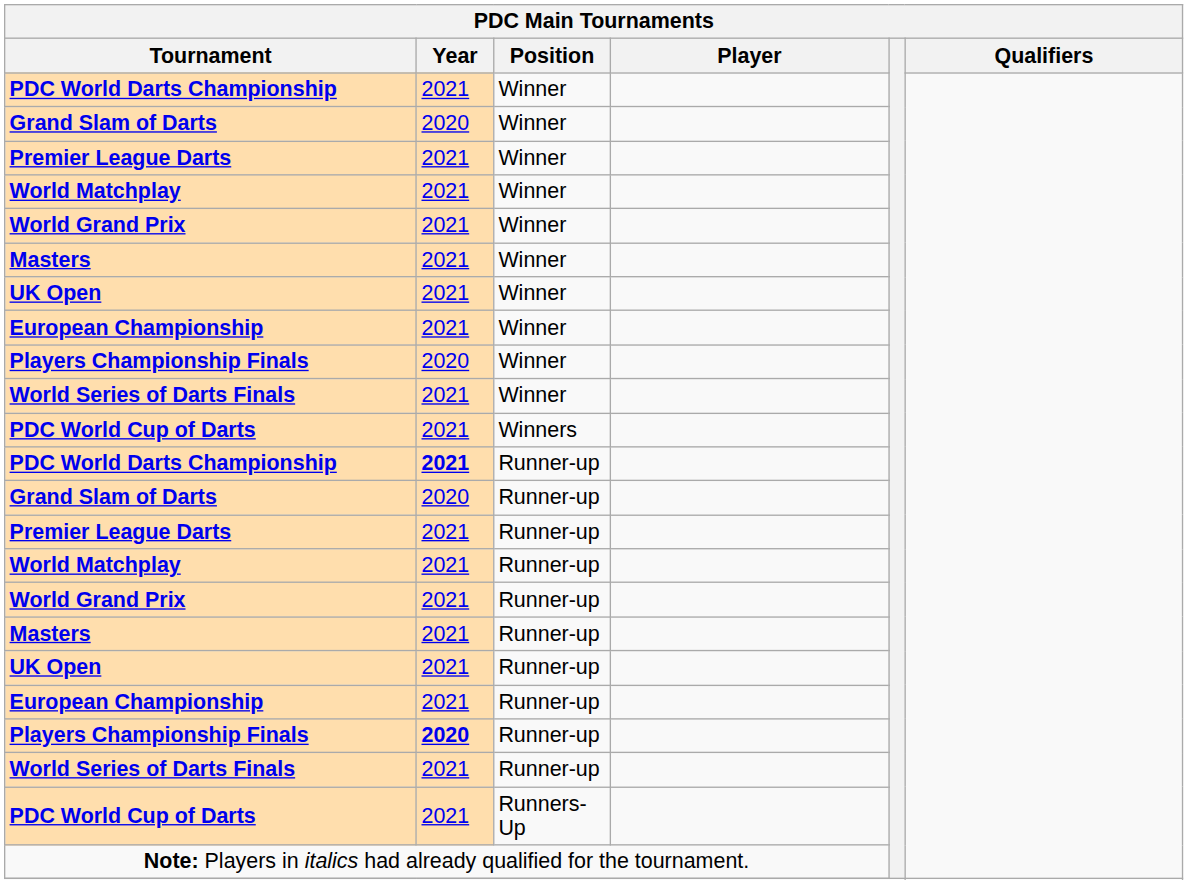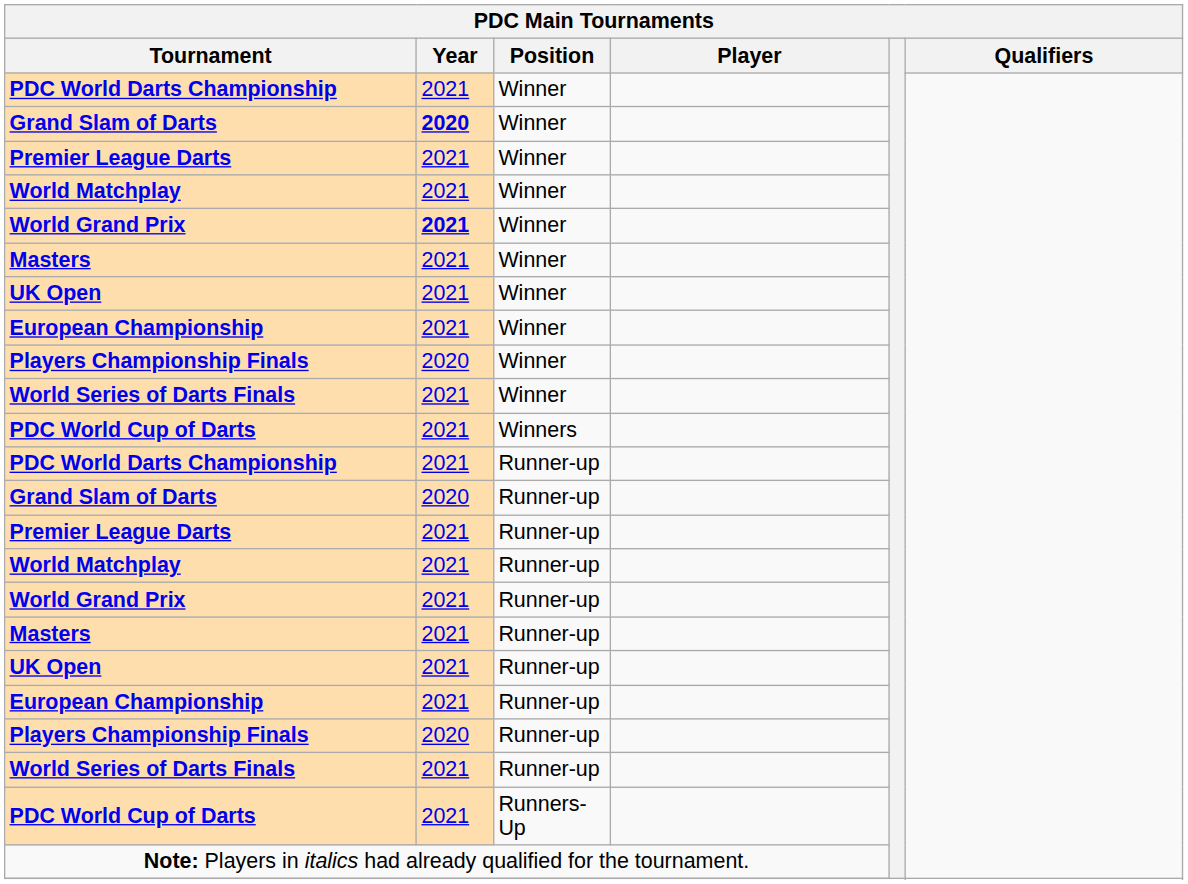 <table class="wikitable">
 <tr>
 <th colspan=6>PDC Main Tournaments</th>
 </tr>
 <tr>
 <th width=300>Tournament</th>
 <th width=50>Year</th>
 <th width=80>Position</th>
 <th width=200>Player</th>
 <th rowspan=31 width=5></th>
 <th width=200>Qualifiers</th>
 </tr>
 <tr>
 <td style="background:#ffdead;"><strong><a href='#'>PDC World Darts Championship</a></strong></td>
 <td style="background:#ffdead;"><a href='#'>2021</a></td>
 <td>Winner</td>
 <td></td>
 <td rowspan=26><br><br><br><br><br><br><br><br><br><s></s><br><br><br><br></td>
 </tr>
 <tr>
 <td style="background:#ffdead;"><strong><a href='#'>Grand Slam of Darts</a></strong></td>
-<td style="background:#ffdead;"><a href='#'>2020</a></td>
+<td style="background:#ffdead;"><strong><a href='#'>2020</a></strong></td>
 <td>Winner</td>
 <td></td>
 </tr>
 <tr>
 <td style="background:#ffdead;"><strong><a href='#'>Premier League Darts</a></strong></td>
 <td style="background:#ffdead;"><a href='#'>2021</a></td>
 <td>Winner</td>
 <td></td>
 </tr>
 <tr>
 <td style="background:#ffdead;"><strong><a href='#'>World Matchplay</a></strong></td>
 <td style="background:#ffdead;"><a href='#'>2021</a></td>
 <td>Winner</td>
 <td></td>
 </tr>
 <tr>
 <td style="background:#ffdead;"><strong><a href='#'>World Grand Prix</a></strong></td>
-<td style="background:#ffdead;"><a href='#'>2021</a></td>
+<td style="background:#ffdead;"><strong><a href='#'>2021</a></strong></td>
 <td>Winner</td>
 <td><em></em></td>
 </tr>
 <tr>
 <td style="background:#ffdead;"><strong><a href='#'>Masters</a></strong></td>
 <td style="background:#ffdead;"><a href='#'>2021</a></td>
 <td>Winner</td>
 <td><em></em></td>
 </tr>
 <tr>
 <td style="background:#ffdead;"><strong><a href='#'>UK Open</a></strong></td>
 <td style="background:#ffdead;"><a href='#'>2021</a></td>
 <td>Winner</td>
 <td></td>
 </tr>
 <tr>
 <td style="background:#ffdead;"><strong><a href='#'>European Championship</a></strong></td>
 <td style="background:#ffdead;"><a href='#'>2021</a></td>
 <td>Winner</td>
 <td></td>
 </tr>
 <tr>
 <td style="background:#ffdead;"><strong><a href='#'>Players Championship Finals</a></strong></td>
 <td style="background:#ffdead;"><a href='#'>2020</a></td>
 <td>Winner</td>
 <td></td>
 </tr>
 <tr>
 <td style="background:#ffdead;"><strong><a href='#'>World Series of Darts Finals</a></strong></td>
 <td style="background:#ffdead;"><a href='#'>2021</a></td>
 <td>Winner</td>
 <td><em></em></td>
 </tr>
 <tr>
 <td style="background:#ffdead;"><strong><a href='#'>PDC World Cup of Darts</a></strong></td>
 <td style="background:#ffdead;"><a href='#'>2021</a></td>
 <td>Winners</td>
 <td><em></em><br></td>
 </tr>
 <tr>
 <td style="background:#ffdead;"><strong><a href='#'>PDC World Darts Championship</a></strong></td>
-<td style="background:#ffdead;"><strong><a href='#'>2021</a></strong></td>
+<td style="background:#ffdead;"><a href='#'>2021</a></td>
 <td>Runner-up</td>
 <td></td>
 </tr>
 <tr>
 <td style="background:#ffdead;"><strong><a href='#'>Grand Slam of Darts</a></strong></td>
 <td style="background:#ffdead;"><a href='#'>2020</a></td>
 <td>Runner-up</td>
 <td><em></em></td>
 </tr>
 <tr>
 <td style="background:#ffdead;"><strong><a href='#'>Premier League Darts</a></strong></td>
 <td style="background:#ffdead;"><a href='#'>2021</a></td>
 <td>Runner-up</td>
 <td><em></em></td>
 </tr>
 <tr>
 <td style="background:#ffdead;"><strong><a href='#'>World Matchplay</a></strong></td>
 <td style="background:#ffdead;"><a href='#'>2021</a></td>
 <td>Runner-up</td>
 <td><s></s></td>
 </tr>
 <tr>
 <td style="background:#ffdead;"><strong><a href='#'>World Grand Prix</a></strong></td>
 <td style="background:#ffdead;"><a href='#'>2021</a></td>
 <td>Runner-up</td>
 <td><em></em></td>
 </tr>
 <tr>
 <td style="background:#ffdead;"><strong><a href='#'>Masters</a></strong></td>
 <td style="background:#ffdead;"><a href='#'>2021</a></td>
 <td>Runner-up</td>
 <td></td>
 </tr>
 <tr>
 <td style="background:#ffdead;"><strong><a href='#'>UK Open</a></strong></td>
 <td style="background:#ffdead;"><a href='#'>2021</a></td>
 <td>Runner-up</td>
 <td></td>
 </tr>
 <tr>
 <td style="background:#ffdead;"><strong><a href='#'>European Championship</a></strong></td>
 <td style="background:#ffdead;"><a href='#'>2021</a></td>
 <td>Runner-up</td>
 <td><em></em></td>
 </tr>
 <tr>
 <td style="background:#ffdead;"><strong><a href='#'>Players Championship Finals</a></strong></td>
-<td style="background:#ffdead;"><strong><a href='#'>2020</a></strong></td>
+<td style="background:#ffdead;"><a href='#'>2020</a></td>
 <td>Runner-up</td>
 <td><em></em></td>
 </tr>
 <tr>
 <td style="background:#ffdead;"><strong><a href='#'>World Series of Darts Finals</a></strong></td>
 <td style="background:#ffdead;"><a href='#'>2021</a></td>
 <td>Runner-up</td>
 <td><s><em></em></s></td>
 </tr>
 <tr>
 <td style="background:#ffdead;"><strong><a href='#'>PDC World Cup of Darts</a></strong></td>
 <td style="background:#ffdead;"><a href='#'>2021</a></td>
 <td>Runners-Up</td>
 <td><br></td>
 </tr>
 <tr>
 <td colspan=4 align=center><strong>Note:</strong> Players in <em>italics</em> had already qualified for the tournament.</td>
 </tr>
 <tr>
 </tr>
 </table>
